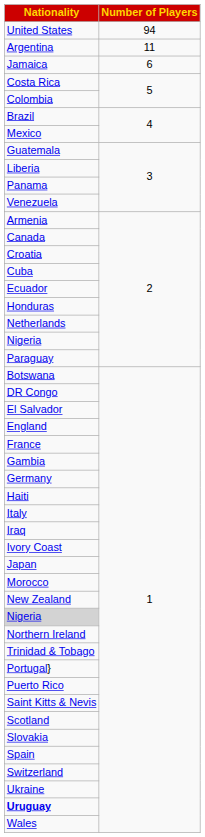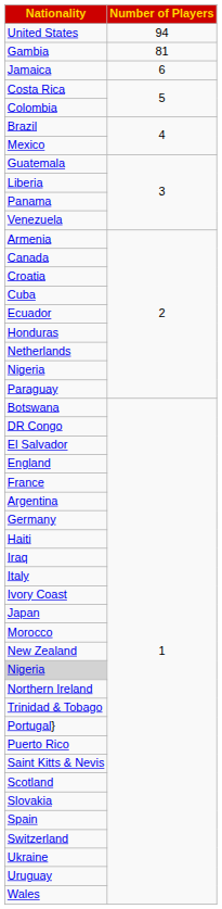 <table class="wikitable" style="text-align: center;">
 <tr>
 <th style="background-color:#c00; color:gold;">Nationality</th>
 <th style="background-color:#c00; color:gold;">Number of Players</th>
 </tr>
 <tr>
 <td align=left> <a href='#'>United States</a></td>
 <td>94</td>
 </tr>
 <tr>
-<td align=left> <a href='#'>Argentina</a></td>
-<td>11</td>
+<td align=left> <a href='#'>Gambia</a></td>
+<td>81</td>
 </tr>
 <tr>
 <td align=left> <a href='#'>Jamaica</a></td>
 <td>6</td>
 </tr>
 <tr>
 <td align=left> <a href='#'>Costa Rica</a></td>
 <td rowspan="2">5</td>
 </tr>
 <tr>
 <td align=left> <a href='#'>Colombia</a></td>
 </tr>
 <tr>
 <td align=left> <a href='#'>Brazil</a></td>
 <td rowspan="2">4</td>
 </tr>
 <tr>
 <td align=left> <a href='#'>Mexico</a></td>
 </tr>
 <tr>
 <td align=left> <a href='#'>Guatemala</a></td>
 <td rowspan="4">3</td>
 </tr>
 <tr>
 <td align=left> <a href='#'>Liberia</a></td>
 </tr>
 <tr>
 <td align=left> <a href='#'>Panama</a></td>
 </tr>
 <tr>
 <td align=left> <a href='#'>Venezuela</a></td>
 </tr>
 <tr>
 <td align=left> <a href='#'>Armenia</a></td>
 <td rowspan="9">2</td>
 </tr>
 <tr>
 <td align=left> <a href='#'>Canada</a></td>
 </tr>
 <tr>
 <td align=left> <a href='#'>Croatia</a></td>
 </tr>
 <tr>
 <td align=left> <a href='#'>Cuba</a></td>
 </tr>
 <tr>
 <td align=left> <a href='#'>Ecuador</a></td>
 </tr>
 <tr>
 <td align=left> <a href='#'>Honduras</a></td>
 </tr>
 <tr>
 <td align=left> <a href='#'>Netherlands</a></td>
 </tr>
 <tr>
 <td align=left> <a href='#'>Nigeria</a></td>
 </tr>
 <tr>
 <td align=left> <a href='#'>Paraguay</a></td>
 </tr>
 <tr>
 <td align=left> <a href='#'>Botswana</a></td>
 <td rowspan="27">1</td>
 </tr>
 <tr>
 <td align=left> <a href='#'>DR Congo</a></td>
 </tr>
 <tr>
 <td align=left> <a href='#'>El Salvador</a></td>
 </tr>
 <tr>
 <td align=left> <a href='#'>England</a></td>
 </tr>
 <tr>
 <td align=left> <a href='#'>France</a></td>
 </tr>
 <tr>
-<td align=left> <a href='#'>Gambia</a></td>
+<td align=left> <a href='#'>Argentina</a></td>
 </tr>
 <tr>
 <td align=left> <a href='#'>Germany</a></td>
 </tr>
 <tr>
 <td align=left> <a href='#'>Haiti</a></td>
 </tr>
 <tr>
-<td align=left> <a href='#'>Italy</a></td>
+<td align=left> <a href='#'>Iraq</a></td>
 </tr>
 <tr>
-<td align=left> <a href='#'>Iraq</a></td>
+<td align=left> <a href='#'>Italy</a></td>
 </tr>
 <tr>
 <td align=left> <a href='#'>Ivory Coast</a></td>
 </tr>
 <tr>
 <td align=left> <a href='#'>Japan</a></td>
 </tr>
 <tr>
 <td align=left> <a href='#'>Morocco</a></td>
 </tr>
 <tr>
 <td align=left> <a href='#'>New Zealand</a></td>
 </tr>
 <tr>
 <td align=left style="background: lightgrey;"> <a href='#'>Nigeria</a></td>
 </tr>
 <tr>
 <td align=left> <a href='#'>Northern Ireland</a></td>
 </tr>
 <tr>
 <td align=left> <a href='#'>Trinidad & Tobago</a></td>
 </tr>
 <tr>
 <td align=left> <a href='#'>Portugal</a>}</td>
 </tr>
 <tr>
 <td align=left> <a href='#'>Puerto Rico</a></td>
 </tr>
 <tr>
 <td align=left> <a href='#'>Saint Kitts & Nevis</a></td>
 </tr>
 <tr>
 <td align=left> <a href='#'>Scotland</a></td>
 </tr>
 <tr>
 <td align=left> <a href='#'>Slovakia</a></td>
 </tr>
 <tr>
 <td align=left> <a href='#'>Spain</a></td>
 </tr>
 <tr>
 <td align=left> <a href='#'>Switzerland</a></td>
 </tr>
 <tr>
 <td align=left> <a href='#'>Ukraine</a></td>
 </tr>
 <tr>
-<td align=left><strong> <a href='#'>Uruguay</a></strong></td>
+<td align=left> <a href='#'>Uruguay</a></td>
 </tr>
 <tr>
 <td align=left> <a href='#'>Wales</a></td>
 </tr>
 </table>
